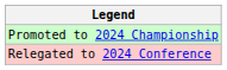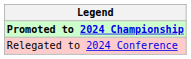 <table class="wikitable">
 <tr>
 <th>Legend</th>
 </tr>
 <tr bgcolor="ccffcc">
-<td>Promoted to <a href='#'>2024 Championship</a></td>
+<td><strong>Promoted to <a href='#'>2024 Championship</a></strong></td>
 </tr>
 <tr bgcolor="ffcccc">
 <td>Relegated to <a href='#'>2024 Conference</a></td>
 </tr>
 </table>
